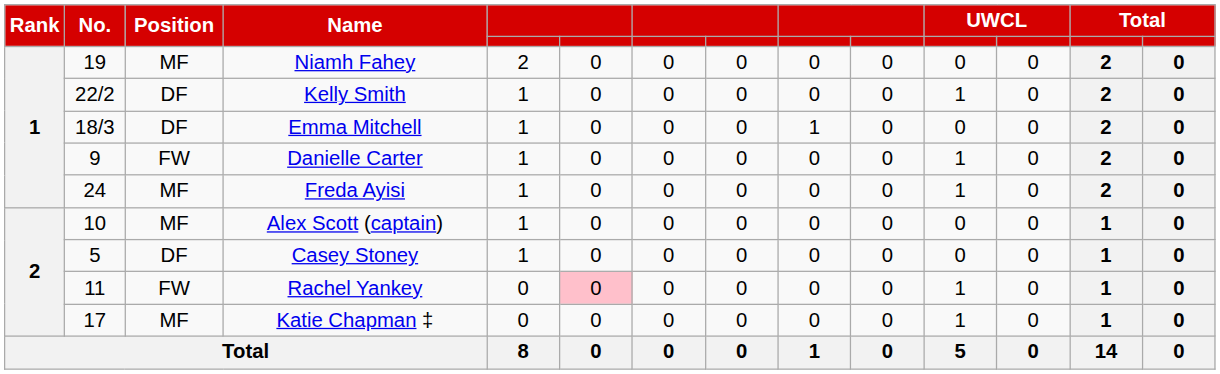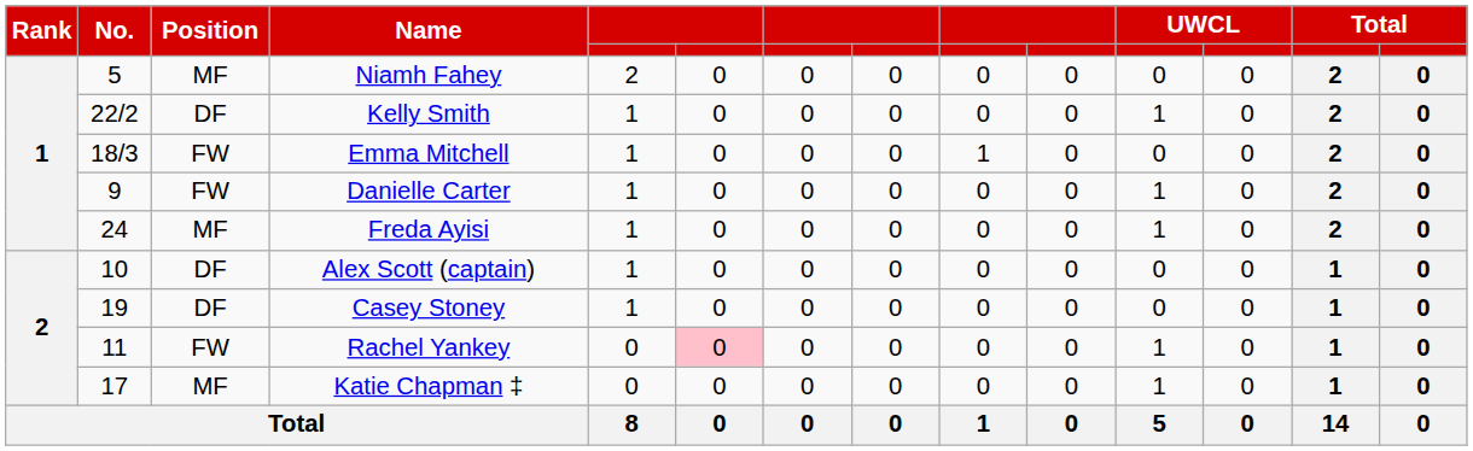 <table class="wikitable" style="text-align:center; font-size:100%; ">
 <tr>
 <th style="background:#d50000; color:white; text-align:center; width:40px" rowspan="2">Rank</th>
 <th style="background:#d50000; color:white; text-align:center; width:40px" rowspan="2">No.</th>
 <th rowspan="2" style="background:#d50000; color:white; text-align:center; width:70px">Position</th>
 <th style="background:#d50000; color:white; text-align:center; width:200px" rowspan="2">Name</th>
 <th style="background:#d50000; color:white; text-align:center;" colspan="2"><a href='#'></a></th>
 <th style="background:#d50000; color:white; text-align:center;" colspan="2"><a href='#'></a></th>
 <th style="background:#d50000; color:white; text-align:center;" colspan="2"></th>
 <th style="background:#d50000; color:white; text-align:center;" colspan="2">UWCL</th>
 <th colspan="2" style="background:#d50000; color:white; text-align:center;">Total</th>
 </tr>
 <tr>
 <th style="background:#d50000; color:white; text-align:center; width:50px;"></th>
 <th style="background:#d50000; color:white; text-align:center; width:50px;"></th>
 <th style="background:#d50000; color:white; text-align:center; width:50px;"></th>
 <th style="background:#d50000; color:white; text-align:center; width:50px;"></th>
 <th style="background:#d50000; color:white; text-align:center; width:50px;"></th>
 <th style="background:#d50000; color:white; text-align:center; width:50px;"></th>
 <th style="background:#d50000; color:white; text-align:center; width:50px;"></th>
 <th style="background:#d50000; color:white; text-align:center; width:50px;"></th>
 <th style="background:#d50000; color:white; text-align:center; width:50px;"></th>
 <th style="background:#d50000; color:white; text-align:center; width:50px;"></th>
 </tr>
 <tr>
 <th rowspan="5">1</th>
-<td>19</td>
+<td>5</td>
 <td>MF</td>
 <td> <a href='#'>Niamh Fahey</a></td>
 <td>2</td>
 <td>0</td>
 <td>0</td>
 <td>0</td>
 <td>0</td>
 <td>0</td>
 <td>0</td>
 <td>0</td>
 <th>2</th>
 <th>0</th>
 </tr>
 <tr>
 <td>22/2</td>
 <td>DF</td>
 <td> <a href='#'>Kelly Smith</a></td>
 <td>1</td>
 <td>0</td>
 <td>0</td>
 <td>0</td>
 <td>0</td>
 <td>0</td>
 <td>1</td>
 <td>0</td>
 <th>2</th>
 <th>0</th>
 </tr>
 <tr>
 <td>18/3</td>
-<td>DF</td>
+<td>FW</td>
 <td> <a href='#'>Emma Mitchell</a></td>
 <td>1</td>
 <td>0</td>
 <td>0</td>
 <td>0</td>
 <td>1</td>
 <td>0</td>
 <td>0</td>
 <td>0</td>
 <th>2</th>
 <th>0</th>
 </tr>
 <tr>
 <td>9</td>
 <td>FW</td>
 <td> <a href='#'>Danielle Carter</a></td>
 <td>1</td>
 <td>0</td>
 <td>0</td>
 <td>0</td>
 <td>0</td>
 <td>0</td>
 <td>1</td>
 <td>0</td>
 <th>2</th>
 <th>0</th>
 </tr>
 <tr>
 <td>24</td>
 <td>MF</td>
 <td> <a href='#'>Freda Ayisi</a></td>
 <td>1</td>
 <td>0</td>
 <td>0</td>
 <td>0</td>
 <td>0</td>
 <td>0</td>
 <td>1</td>
 <td>0</td>
 <th>2</th>
 <th>0</th>
 </tr>
 <tr>
 <th rowspan="4">2</th>
 <td>10</td>
-<td>MF</td>
+<td>DF</td>
 <td> <a href='#'>Alex Scott</a> (<a href='#'>captain</a>)</td>
 <td>1</td>
 <td>0</td>
 <td>0</td>
 <td>0</td>
 <td>0</td>
 <td>0</td>
 <td>0</td>
 <td>0</td>
 <th>1</th>
 <th>0</th>
 </tr>
 <tr>
-<td>5</td>
+<td>19</td>
 <td>DF</td>
 <td> <a href='#'>Casey Stoney</a></td>
 <td>1</td>
 <td>0</td>
 <td>0</td>
 <td>0</td>
 <td>0</td>
 <td>0</td>
 <td>0</td>
 <td>0</td>
 <th>1</th>
 <th>0</th>
 </tr>
 <tr>
 <td>11</td>
 <td>FW</td>
 <td> <a href='#'>Rachel Yankey</a></td>
 <td>0</td>
 <td style="background: pink;">0</td>
 <td>0</td>
 <td>0</td>
 <td>0</td>
 <td>0</td>
 <td>1</td>
 <td>0</td>
 <th>1</th>
 <th>0</th>
 </tr>
 <tr>
 <td>17</td>
 <td>MF</td>
 <td><em></em> <a href='#'>Katie Chapman</a> ‡</td>
 <td>0</td>
 <td>0</td>
 <td>0</td>
 <td>0</td>
 <td>0</td>
 <td>0</td>
 <td>1</td>
 <td>0</td>
 <th>1</th>
 <th>0</th>
 </tr>
 <tr>
 <th colspan="4">Total</th>
 <th>8</th>
 <th>0</th>
 <th>0</th>
 <th>0</th>
 <th>1</th>
 <th>0</th>
 <th>5</th>
 <th>0</th>
 <th>14</th>
 <th>0</th>
 </tr>
 </table>
